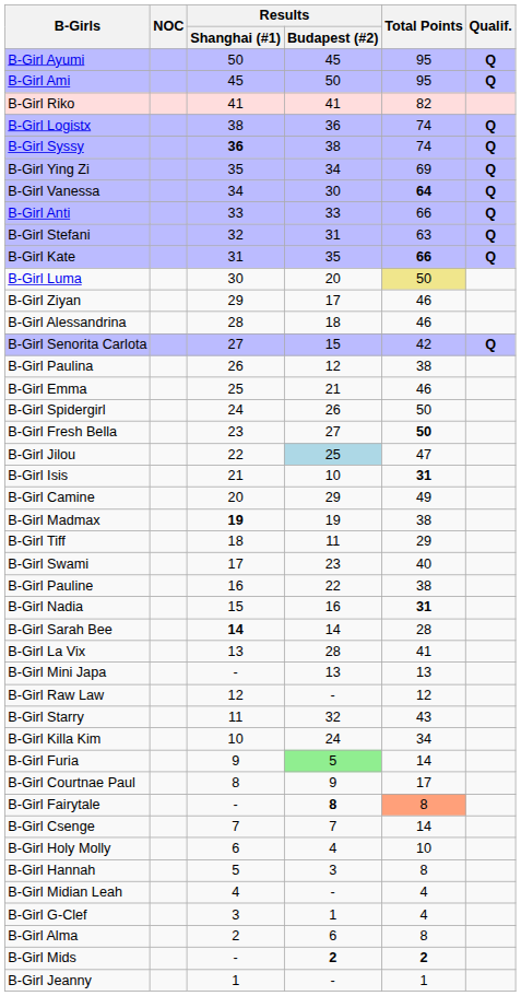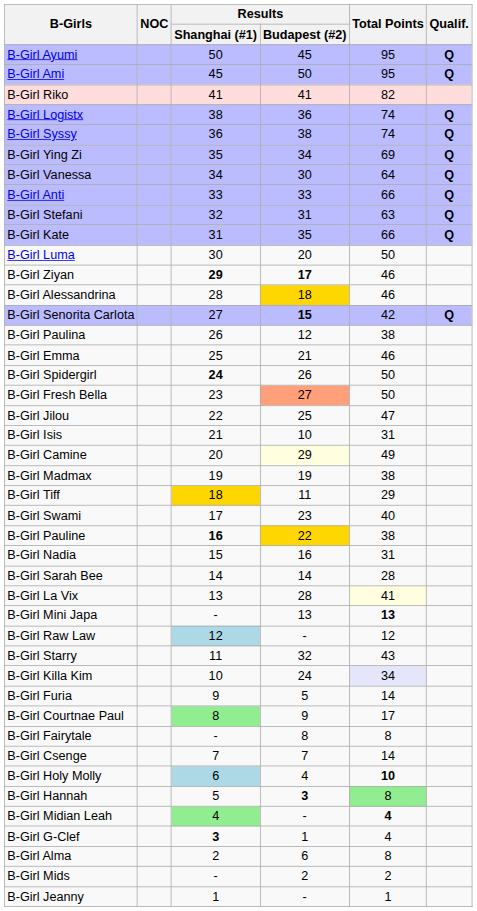 <table class="wikitable sortable" style="text-align:center;">
 <tr>
 <th rowspan="2">B-Girls</th>
 <th rowspan="2">NOC</th>
 <th colspan="2">Results</th>
 <th rowspan="2">Total Points</th>
 <th rowspan="2">Qualif.</th>
 </tr>
 <tr>
 <th>Shanghai (#1)</th>
 <th>Budapest (#2)</th>
 </tr>
 <tr bgcolor=bbbbff>
 <td style="text-align:left;"><a href='#'>B-Girl Ayumi</a></td>
 <td align=left></td>
 <td>50</td>
 <td>45</td>
 <td>95</td>
 <td><strong>Q</strong></td>
 </tr>
 <tr bgcolor=bbbbff>
 <td style="text-align:left;"><a href='#'>B-Girl Ami</a></td>
 <td align=left></td>
 <td>45</td>
 <td>50</td>
 <td>95</td>
 <td><strong>Q</strong></td>
 </tr>
 <tr bgcolor=ffdddd>
 <td style="text-align:left;">B-Girl Riko</td>
 <td align=left></td>
 <td>41</td>
 <td>41</td>
 <td>82</td>
 <td></td>
 </tr>
 <tr bgcolor=bbbbff>
 <td style="text-align:left;"><a href='#'>B-Girl Logistx</a></td>
 <td align=left></td>
 <td>38</td>
 <td>36</td>
 <td>74</td>
 <td><strong>Q</strong></td>
 </tr>
 <tr bgcolor=bbbbff>
 <td style="text-align:left;"><a href='#'>B-Girl Syssy</a></td>
 <td align=left></td>
-<td><strong>36</strong></td>
+<td>36</td>
 <td>38</td>
 <td>74</td>
 <td><strong>Q</strong></td>
 </tr>
 <tr bgcolor=bbbbff>
 <td style="text-align:left;">B-Girl Ying Zi</td>
 <td align=left></td>
 <td>35</td>
 <td>34</td>
 <td>69</td>
 <td><strong>Q</strong></td>
 </tr>
 <tr bgcolor=bbbbff>
 <td style="text-align:left;">B-Girl Vanessa</td>
 <td align=left></td>
 <td>34</td>
 <td>30</td>
-<td><strong>64</strong></td>
+<td>64</td>
 <td><strong>Q</strong></td>
 </tr>
 <tr bgcolor=bbbbff>
 <td style="text-align:left;"><a href='#'>B-Girl Anti</a></td>
 <td align=left></td>
 <td>33</td>
 <td>33</td>
 <td>66</td>
 <td><strong>Q</strong></td>
 </tr>
 <tr bgcolor=bbbbff>
 <td style="text-align:left;">B-Girl Stefani</td>
 <td align=left></td>
 <td>32</td>
 <td>31</td>
 <td>63</td>
 <td><strong>Q</strong></td>
 </tr>
 <tr bgcolor=bbbbff>
 <td style="text-align:left;">B-Girl Kate</td>
 <td align=left></td>
 <td>31</td>
 <td>35</td>
-<td><strong>66</strong></td>
+<td>66</td>
 <td><strong>Q</strong></td>
 </tr>
 <tr>
 <td style="text-align:left;"><a href='#'>B-Girl Luma</a></td>
 <td align=left></td>
 <td>30</td>
 <td>20</td>
-<td style="background: khaki;">50</td>
+<td>50</td>
 <td></td>
 </tr>
 <tr>
 <td style="text-align:left;">B-Girl Ziyan</td>
 <td align=left></td>
-<td>29</td>
-<td>17</td>
+<td><strong>29</strong></td>
+<td><strong>17</strong></td>
 <td>46</td>
 <td></td>
 </tr>
 <tr>
 <td style="text-align:left;">B-Girl Alessandrina</td>
 <td align=left></td>
 <td>28</td>
-<td>18</td>
+<td style="background: gold;">18</td>
 <td>46</td>
 <td></td>
 </tr>
 <tr bgcolor=bbbbff>
 <td style="text-align:left;">B-Girl Senorita Carlota</td>
 <td align=left></td>
 <td>27</td>
-<td>15</td>
+<td><strong>15</strong></td>
 <td>42</td>
 <td><strong>Q</strong></td>
 </tr>
 <tr>
 <td style="text-align:left;">B-Girl Paulina</td>
 <td align=left></td>
 <td>26</td>
 <td>12</td>
 <td>38</td>
 <td></td>
 </tr>
 <tr>
 <td style="text-align:left;">B-Girl Emma</td>
 <td align=left></td>
 <td>25</td>
 <td>21</td>
 <td>46</td>
 <td></td>
 </tr>
 <tr>
 <td style="text-align:left;">B-Girl Spidergirl</td>
 <td align=left></td>
-<td>24</td>
+<td><strong>24</strong></td>
 <td>26</td>
 <td>50</td>
 <td></td>
 </tr>
 <tr>
 <td style="text-align:left;">B-Girl Fresh Bella</td>
 <td align=left></td>
 <td>23</td>
-<td>27</td>
-<td><strong>50</strong></td>
+<td style="background: lightsalmon;">27</td>
+<td>50</td>
 <td></td>
 </tr>
 <tr>
 <td style="text-align:left;">B-Girl Jilou</td>
 <td align=left></td>
 <td>22</td>
-<td style="background: lightblue;">25</td>
+<td>25</td>
 <td>47</td>
 <td></td>
 </tr>
 <tr>
 <td style="text-align:left;">B-Girl Isis</td>
 <td align=left></td>
 <td>21</td>
 <td>10</td>
-<td><strong>31</strong></td>
+<td>31</td>
 <td></td>
 </tr>
 <tr>
 <td style="text-align:left;">B-Girl Camine</td>
 <td align=left></td>
 <td>20</td>
-<td>29</td>
+<td style="background: lightyellow;">29</td>
 <td>49</td>
 <td></td>
 </tr>
 <tr>
 <td style="text-align:left;">B-Girl Madmax</td>
 <td align=left></td>
-<td><strong>19</strong></td>
+<td>19</td>
 <td>19</td>
 <td>38</td>
 <td></td>
 </tr>
 <tr>
 <td style="text-align:left;">B-Girl Tiff</td>
 <td align=left></td>
-<td>18</td>
+<td style="background: gold;">18</td>
 <td>11</td>
 <td>29</td>
 <td></td>
 </tr>
 <tr>
 <td style="text-align:left;">B-Girl Swami</td>
 <td align=left></td>
 <td>17</td>
 <td>23</td>
 <td>40</td>
 <td></td>
 </tr>
 <tr>
 <td style="text-align:left;">B-Girl Pauline</td>
 <td align=left></td>
-<td>16</td>
-<td>22</td>
+<td><strong>16</strong></td>
+<td style="background: gold;">22</td>
 <td>38</td>
 <td></td>
 </tr>
 <tr>
 <td style="text-align:left;">B-Girl Nadia</td>
 <td align=left></td>
 <td>15</td>
 <td>16</td>
-<td><strong>31</strong></td>
+<td>31</td>
 <td></td>
 </tr>
 <tr>
 <td style="text-align:left;">B-Girl Sarah Bee</td>
 <td align=left></td>
-<td><strong>14</strong></td>
+<td>14</td>
 <td>14</td>
 <td>28</td>
 <td></td>
 </tr>
 <tr>
 <td style="text-align:left;">B-Girl La Vix</td>
 <td align=left></td>
 <td>13</td>
 <td>28</td>
-<td>41</td>
+<td style="background: lightyellow;">41</td>
 <td></td>
 </tr>
 <tr>
 <td style="text-align:left;">B-Girl Mini Japa</td>
 <td align=left></td>
 <td>-</td>
 <td>13</td>
-<td>13</td>
+<td><strong>13</strong></td>
 <td></td>
 </tr>
 <tr>
 <td style="text-align:left;">B-Girl Raw Law</td>
 <td align=left></td>
-<td>12</td>
+<td style="background: lightblue;">12</td>
 <td>-</td>
 <td>12</td>
 <td></td>
 </tr>
 <tr>
 <td style="text-align:left;">B-Girl Starry</td>
 <td align=left></td>
 <td>11</td>
 <td>32</td>
 <td>43</td>
 <td></td>
 </tr>
 <tr>
 <td style="text-align:left;">B-Girl Killa Kim</td>
 <td align=left></td>
 <td>10</td>
 <td>24</td>
-<td>34</td>
+<td style="background: lavender;">34</td>
 <td></td>
 </tr>
 <tr>
 <td style="text-align:left;">B-Girl Furia</td>
 <td align=left></td>
 <td>9</td>
-<td style="background: lightgreen;">5</td>
+<td>5</td>
 <td>14</td>
 <td></td>
 </tr>
 <tr>
 <td style="text-align:left;">B-Girl Courtnae Paul</td>
 <td align=left></td>
-<td>8</td>
+<td style="background: lightgreen;">8</td>
 <td>9</td>
 <td>17</td>
 <td></td>
 </tr>
 <tr>
 <td style="text-align:left;">B-Girl Fairytale</td>
 <td align=left></td>
 <td>-</td>
-<td><strong>8</strong></td>
-<td style="background: lightsalmon;">8</td>
+<td>8</td>
+<td>8</td>
 <td></td>
 </tr>
 <tr>
 <td style="text-align:left;">B-Girl Csenge</td>
 <td align=left></td>
 <td>7</td>
 <td>7</td>
 <td>14</td>
 <td></td>
 </tr>
 <tr>
 <td style="text-align:left;">B-Girl Holy Molly</td>
 <td align=left></td>
-<td>6</td>
+<td style="background: lightblue;">6</td>
 <td>4</td>
-<td>10</td>
+<td><strong>10</strong></td>
 <td></td>
 </tr>
 <tr>
 <td style="text-align:left;">B-Girl Hannah</td>
 <td align=left></td>
 <td>5</td>
-<td>3</td>
-<td>8</td>
+<td><strong>3</strong></td>
+<td style="background: lightgreen;">8</td>
 <td></td>
 </tr>
 <tr>
 <td style="text-align:left;">B-Girl Midian Leah</td>
 <td align=left></td>
-<td>4</td>
+<td style="background: lightgreen;">4</td>
 <td>-</td>
-<td>4</td>
+<td><strong>4</strong></td>
 <td></td>
 </tr>
 <tr>
 <td style="text-align:left;">B-Girl G-Clef</td>
 <td align=left></td>
-<td>3</td>
+<td><strong>3</strong></td>
 <td>1</td>
 <td>4</td>
 <td></td>
 </tr>
 <tr>
 <td style="text-align:left;">B-Girl Alma</td>
 <td align=left></td>
 <td>2</td>
 <td>6</td>
 <td>8</td>
 <td></td>
 </tr>
 <tr>
 <td style="text-align:left;">B-Girl Mids</td>
 <td align=left></td>
 <td>-</td>
-<td><strong>2</strong></td>
-<td><strong>2</strong></td>
+<td>2</td>
+<td>2</td>
 <td></td>
 </tr>
 <tr>
 <td style="text-align:left;">B-Girl Jeanny</td>
 <td align=left></td>
 <td>1</td>
 <td>-</td>
 <td>1</td>
 <td></td>
 </tr>
 </table>
